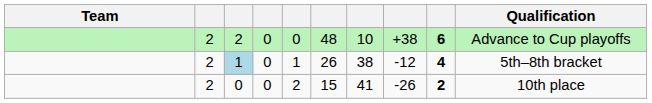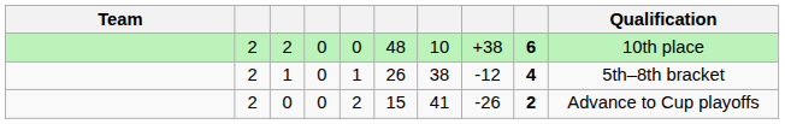 <table class="wikitable" style="text-align:center">
 <tr>
 <th style="width:12.5em">Team</th>
 <th style="width:1.5em;"></th>
 <th style="width:1.5em;"></th>
 <th style="width:1.5em;"></th>
 <th style="width:1.5em;"></th>
 <th style="width:2.0em;"></th>
 <th style="width:2.0em;"></th>
 <th style="width:2.5em;"></th>
 <th style="width:1.5em;"></th>
 <th style="width:12.5em">Qualification</th>
 </tr>
 <tr bgcolor=#bbf3bb>
 <td align=left></td>
 <td>2</td>
 <td>2</td>
 <td>0</td>
 <td>0</td>
 <td>48</td>
 <td>10</td>
 <td>+38</td>
 <td><strong>6</strong></td>
-<td>Advance to Cup playoffs</td>
+<td>10th place</td>
 </tr>
 <tr>
 <td align=left></td>
 <td>2</td>
-<td style="background: lightblue;">1</td>
+<td>1</td>
 <td>0</td>
 <td>1</td>
 <td>26</td>
 <td>38</td>
 <td>-12</td>
 <td><strong>4</strong></td>
 <td>5th–8th bracket</td>
 </tr>
 <tr>
 <td align=left></td>
 <td>2</td>
 <td>0</td>
 <td>0</td>
 <td>2</td>
 <td>15</td>
 <td>41</td>
 <td>-26</td>
 <td><strong>2</strong></td>
-<td>10th place</td>
+<td>Advance to Cup playoffs</td>
 </tr>
 </table>
